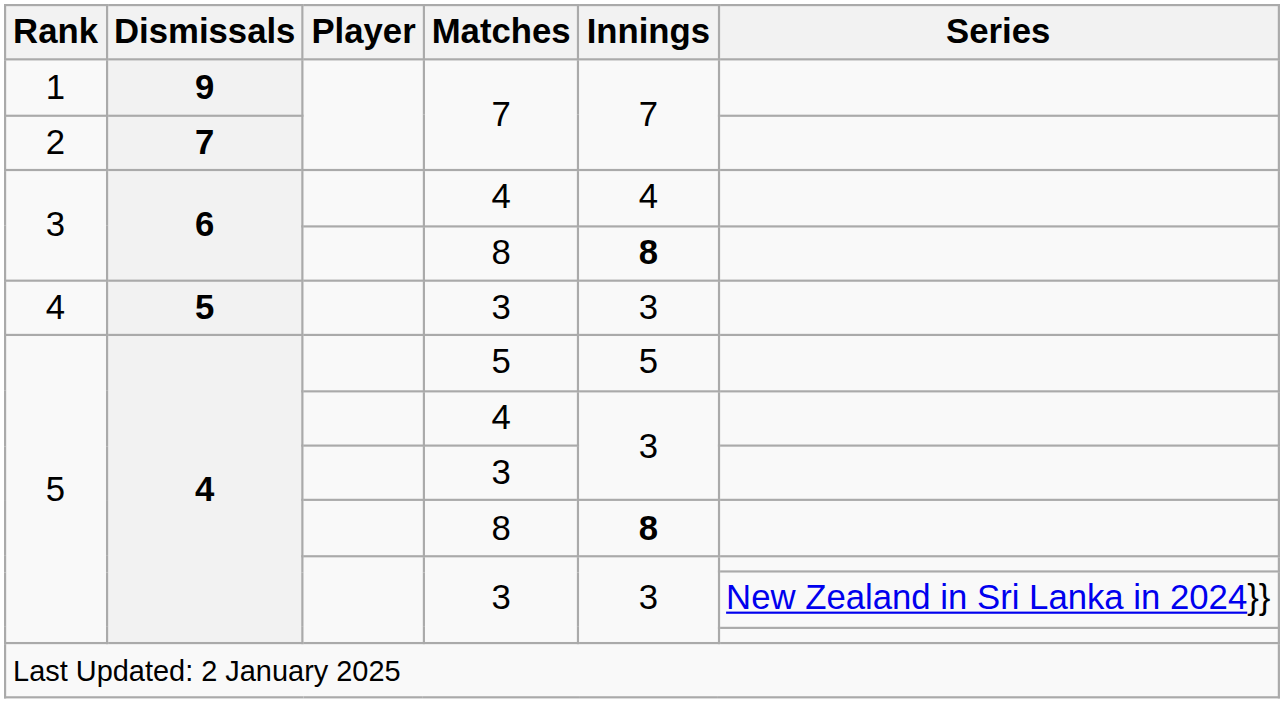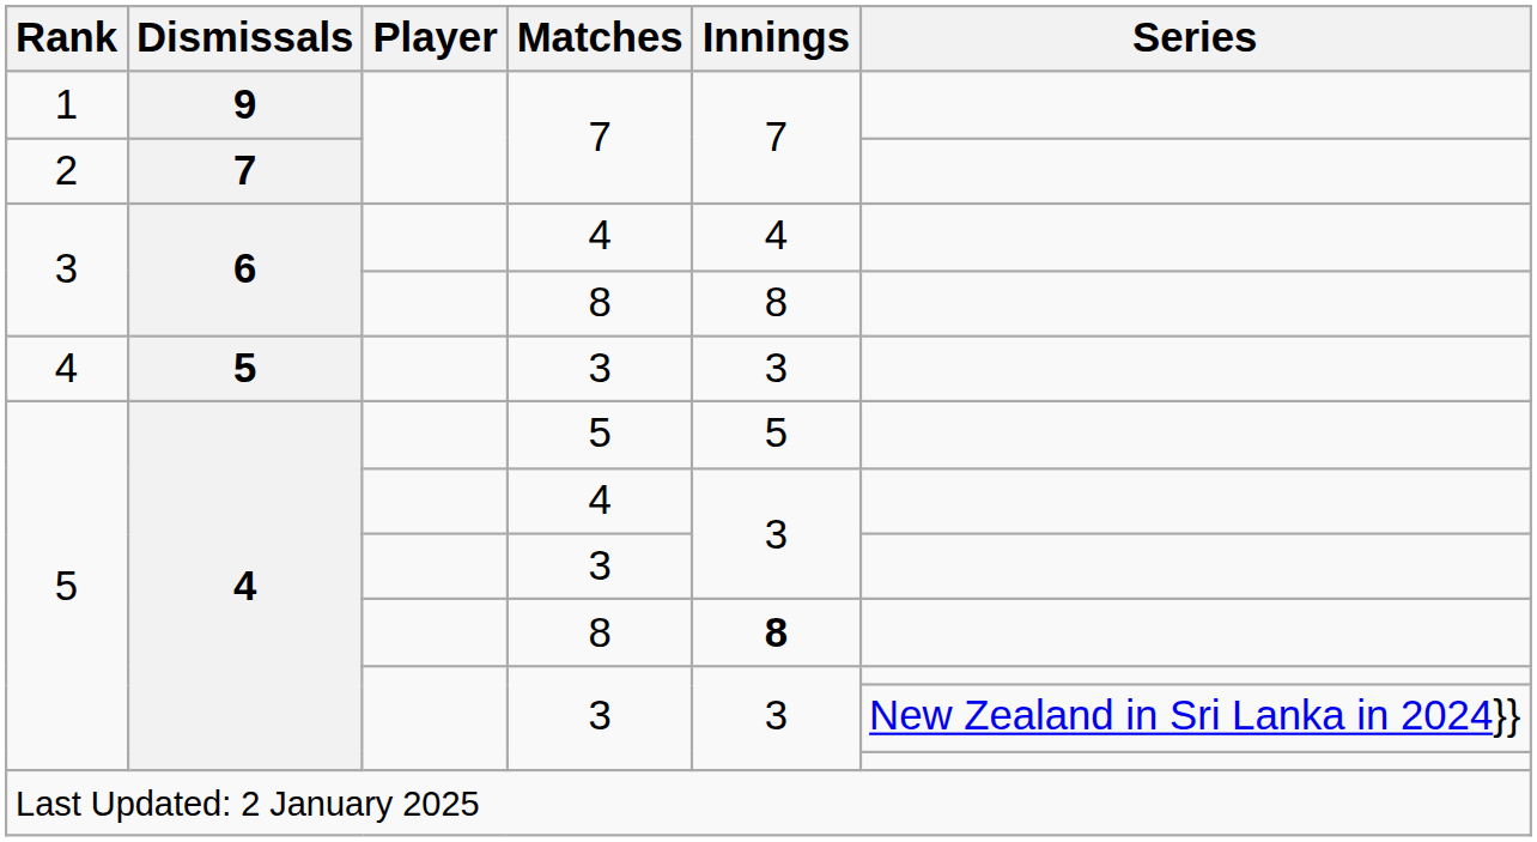 <table class="wikitable plainrowheaders sortable">
 <tr>
 <th scope=col>Rank</th>
 <th scope=col>Dismissals</th>
 <th scope=col>Player</th>
 <th scope=col>Matches</th>
 <th scope=col>Innings</th>
 <th scope=col>Series</th>
 </tr>
 <tr>
 <td align=center>1</td>
 <th scope=row style=text-align:center;>9</th>
 <td rowspan=2></td>
 <td align=center rowspan=2>7</td>
 <td align=center rowspan=2>7</td>
 <td></td>
 </tr>
 <tr>
 <td align=center>2</td>
 <th scope=row style=text-align:center;>7</th>
 <td></td>
 </tr>
 <tr>
 <td align=center rowspan=2>3</td>
 <th scope=row style=text-align:center; rowspan=2>6</th>
 <td></td>
 <td align=center>4</td>
 <td align=center>4</td>
 <td></td>
 </tr>
 <tr>
 <td></td>
 <td align=center>8</td>
-<td align=center><strong>8</strong></td>
+<td align=center>8</td>
 <td></td>
 </tr>
 <tr>
 <td align=center>4</td>
 <th scope=row style=text-align:center;>5</th>
 <td> </td>
 <td align=center>3</td>
 <td align=center>3</td>
 <td></td>
 </tr>
 <tr>
 <td align=center rowspan=7>5</td>
 <th scope=row style=text-align:center; rowspan=7>4</th>
 <td></td>
 <td align=center>5</td>
 <td align=center>5</td>
 <td></td>
 </tr>
 <tr>
 <td> </td>
 <td align=center>4</td>
 <td align=center rowspan=2>3</td>
 <td></td>
 </tr>
 <tr>
 <td></td>
 <td align=center>3</td>
 <td></td>
 </tr>
 <tr>
 <td></td>
 <td align=center>8</td>
 <td align=center><strong>8</strong></td>
 <td></td>
 </tr>
 <tr>
 <td rowspan=3> </td>
 <td align=center rowspan=3>3</td>
 <td align=center rowspan=3>3</td>
 <td></td>
 </tr>
 <tr>
 <td><a href='#'>New Zealand in Sri Lanka in 2024</a>}}</td>
 </tr>
 <tr>
 <td></td>
 </tr>
 <tr class=sortbottom>
 <td colspan=6><small>Last Updated: 2 January 2025</small></td>
 </tr>
 </table>
